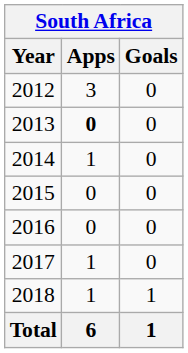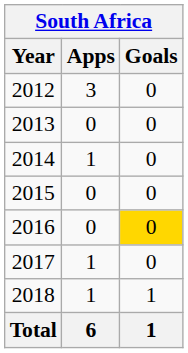 <table class="wikitable" style="text-align:center">
 <tr>
 <th colspan=3><a href='#'>South Africa</a></th>
 </tr>
 <tr>
 <th>Year</th>
 <th>Apps</th>
 <th>Goals</th>
 </tr>
 <tr>
 <td>2012</td>
 <td>3</td>
 <td>0</td>
 </tr>
 <tr>
 <td>2013</td>
-<td><strong>0</strong></td>
+<td>0</td>
 <td>0</td>
 </tr>
 <tr>
 <td>2014</td>
 <td>1</td>
 <td>0</td>
 </tr>
 <tr>
 <td>2015</td>
 <td>0</td>
 <td>0</td>
 </tr>
 <tr>
 <td>2016</td>
 <td>0</td>
-<td>0</td>
+<td style="background: gold;">0</td>
 </tr>
 <tr>
 <td>2017</td>
 <td>1</td>
 <td>0</td>
 </tr>
 <tr>
 <td>2018</td>
 <td>1</td>
 <td>1</td>
 </tr>
 <tr>
 <th>Total</th>
 <th>6</th>
 <th>1</th>
 </tr>
 </table>
